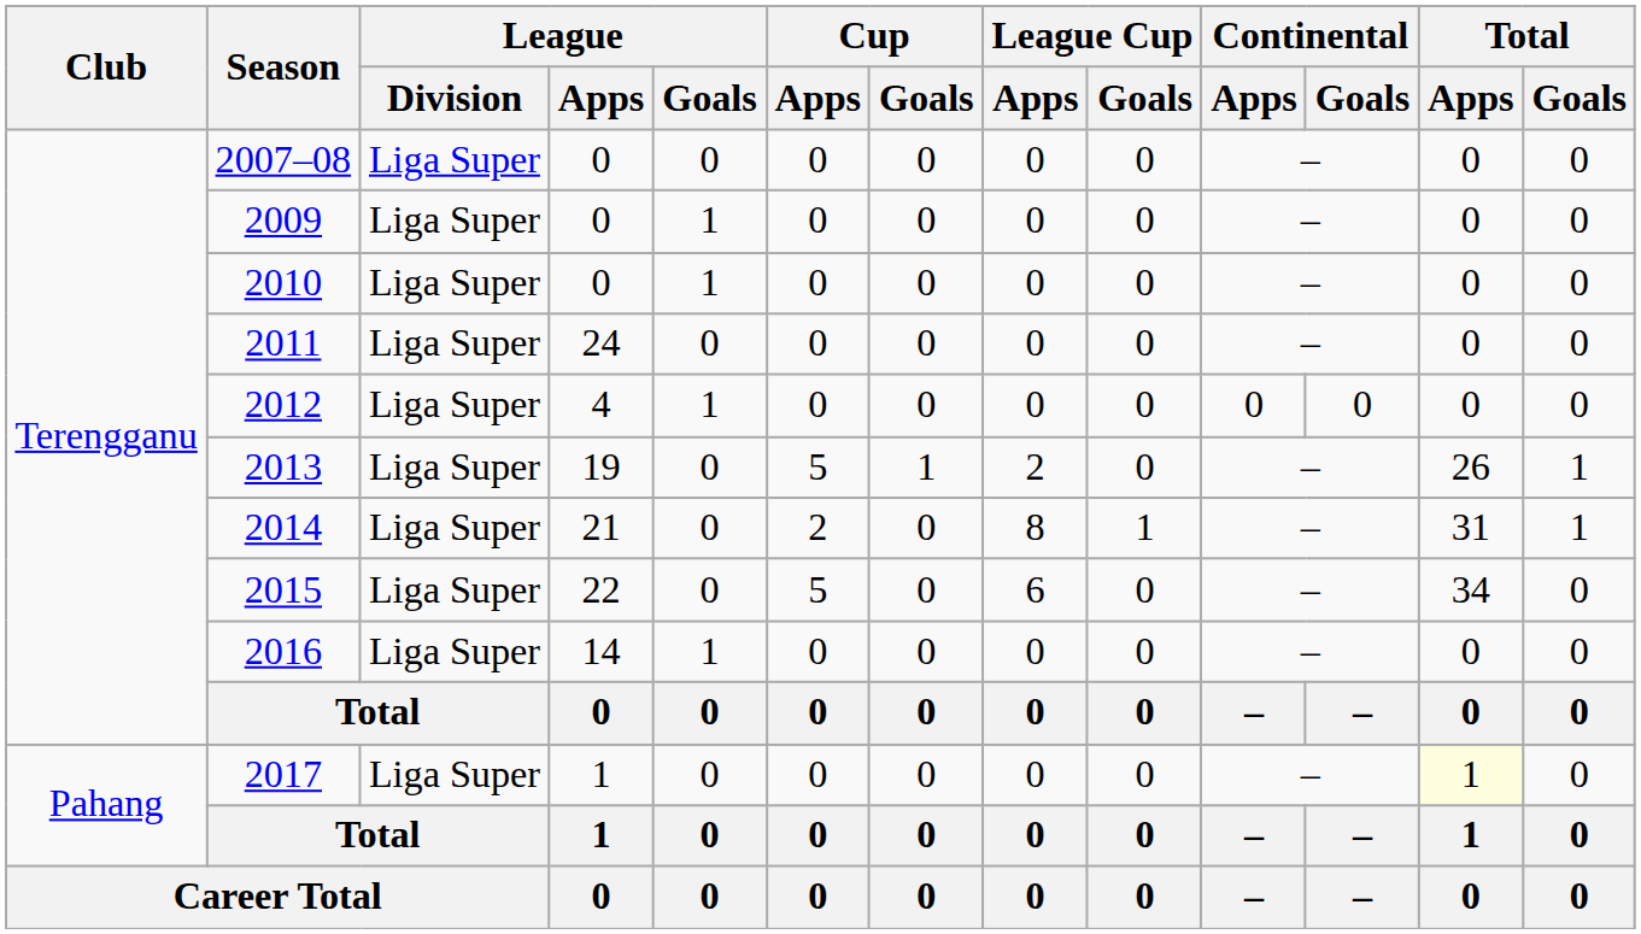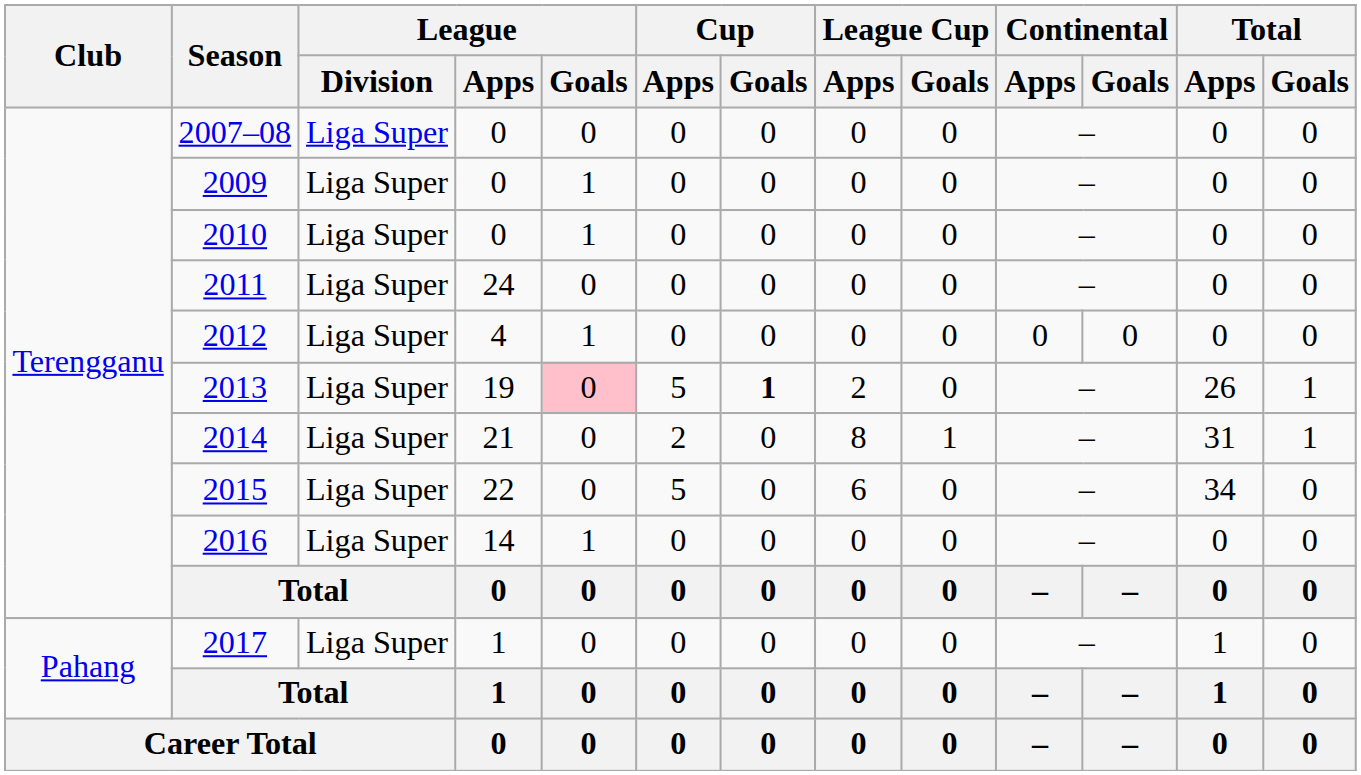 <table class=wikitable style="text-align:center">
 <tr>
 <th rowspan=2>Club</th>
 <th rowspan=2>Season</th>
 <th colspan=3>League</th>
 <th colspan=2>Cup</th>
 <th colspan=2>League Cup</th>
 <th colspan=2>Continental</th>
 <th colspan=2>Total</th>
 </tr>
 <tr>
 <th>Division</th>
 <th>Apps</th>
 <th>Goals</th>
 <th>Apps</th>
 <th>Goals</th>
 <th>Apps</th>
 <th>Goals</th>
 <th>Apps</th>
 <th>Goals</th>
 <th>Apps</th>
 <th>Goals</th>
 </tr>
 <tr>
 <td rowspan=10><a href='#'>Terengganu</a></td>
 <td><a href='#'>2007–08</a></td>
 <td><a href='#'>Liga Super</a></td>
 <td>0</td>
 <td>0</td>
 <td>0</td>
 <td>0</td>
 <td>0</td>
 <td>0</td>
 <td colspan=2>–</td>
 <td>0</td>
 <td>0</td>
 </tr>
 <tr>
 <td><a href='#'>2009</a></td>
 <td>Liga Super</td>
 <td>0</td>
 <td>1</td>
 <td>0</td>
 <td>0</td>
 <td>0</td>
 <td>0</td>
 <td colspan=2>–</td>
 <td>0</td>
 <td>0</td>
 </tr>
 <tr>
 <td><a href='#'>2010</a></td>
 <td>Liga Super</td>
 <td>0</td>
 <td>1</td>
 <td>0</td>
 <td>0</td>
 <td>0</td>
 <td>0</td>
 <td colspan=2>–</td>
 <td>0</td>
 <td>0</td>
 </tr>
 <tr>
 <td><a href='#'>2011</a></td>
 <td>Liga Super</td>
 <td>24</td>
 <td>0</td>
 <td>0</td>
 <td>0</td>
 <td>0</td>
 <td>0</td>
 <td colspan=2>–</td>
 <td>0</td>
 <td>0</td>
 </tr>
 <tr>
 <td><a href='#'>2012</a></td>
 <td>Liga Super</td>
 <td>4</td>
 <td>1</td>
 <td>0</td>
 <td>0</td>
 <td>0</td>
 <td>0</td>
 <td>0</td>
 <td>0</td>
 <td>0</td>
 <td>0</td>
 </tr>
 <tr>
 <td><a href='#'>2013</a></td>
 <td>Liga Super</td>
 <td>19</td>
-<td>0</td>
+<td style="background: pink;">0</td>
 <td>5</td>
-<td>1</td>
+<td><strong>1</strong></td>
 <td>2</td>
 <td>0</td>
 <td colspan=2>–</td>
 <td>26</td>
 <td>1</td>
 </tr>
 <tr>
 <td><a href='#'>2014</a></td>
 <td>Liga Super</td>
 <td>21</td>
 <td>0</td>
 <td>2</td>
 <td>0</td>
 <td>8</td>
 <td>1</td>
 <td colspan=2>–</td>
 <td>31</td>
 <td>1</td>
 </tr>
 <tr>
 <td><a href='#'>2015</a></td>
 <td>Liga Super</td>
 <td>22</td>
 <td>0</td>
 <td>5</td>
 <td>0</td>
 <td>6</td>
 <td>0</td>
 <td colspan=2>–</td>
 <td>34</td>
 <td>0</td>
 </tr>
 <tr>
 <td><a href='#'>2016</a></td>
 <td>Liga Super</td>
 <td>14</td>
 <td>1</td>
 <td>0</td>
 <td>0</td>
 <td>0</td>
 <td>0</td>
 <td colspan=2>–</td>
 <td>0</td>
 <td>0</td>
 </tr>
 <tr>
 <th colspan="2">Total</th>
 <th>0</th>
 <th>0</th>
 <th>0</th>
 <th>0</th>
 <th>0</th>
 <th>0</th>
 <th>–</th>
 <th>–</th>
 <th>0</th>
 <th>0</th>
 </tr>
 <tr>
 <td rowspan=2><a href='#'>Pahang</a></td>
 <td><a href='#'>2017</a></td>
 <td>Liga Super</td>
 <td>1</td>
 <td>0</td>
 <td>0</td>
 <td>0</td>
 <td>0</td>
 <td>0</td>
 <td colspan=2>–</td>
-<td style="background: lightyellow;">1</td>
+<td>1</td>
 <td>0</td>
 </tr>
 <tr>
 <th colspan="2">Total</th>
 <th>1</th>
 <th>0</th>
 <th>0</th>
 <th>0</th>
 <th>0</th>
 <th>0</th>
 <th>–</th>
 <th>–</th>
 <th>1</th>
 <th>0</th>
 </tr>
 <tr>
 <th colspan="3">Career Total</th>
 <th>0</th>
 <th>0</th>
 <th>0</th>
 <th>0</th>
 <th>0</th>
 <th>0</th>
 <th>–</th>
 <th>–</th>
 <th>0</th>
 <th>0</th>
 </tr>
 </table>
